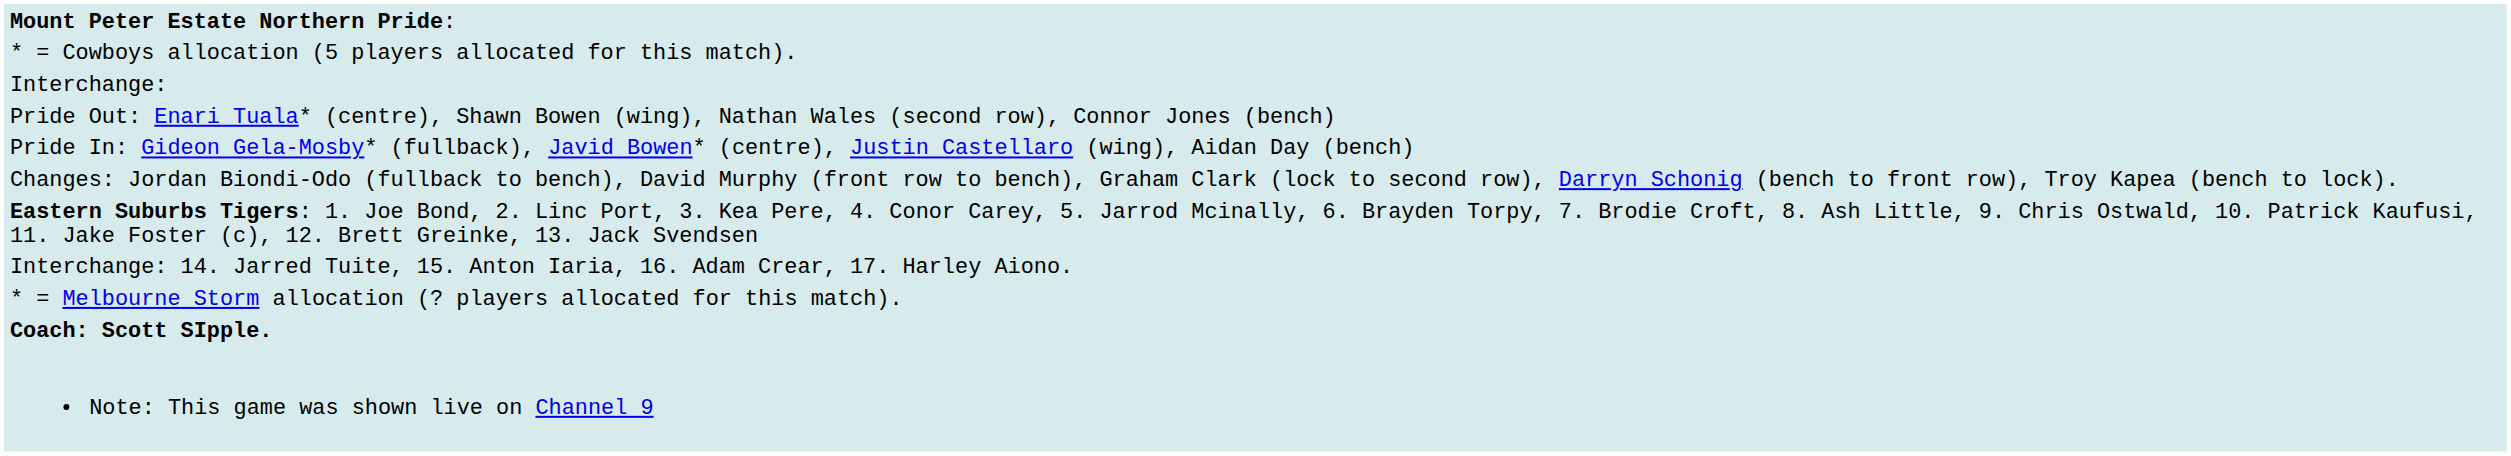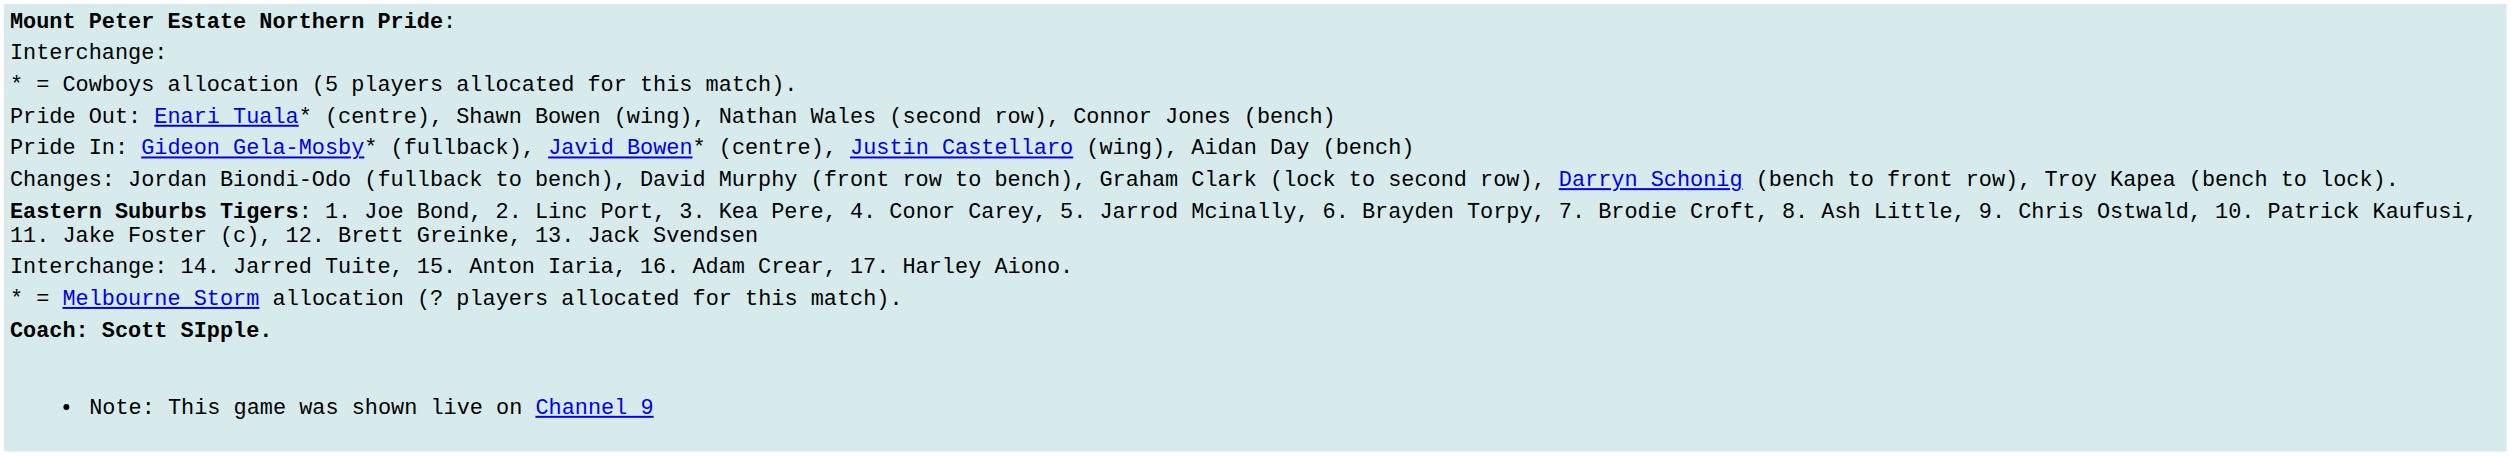 <table style="background:#d7ebed; font-size:85%; width:100%;">
 <tr>
 <td><strong>Mount Peter Estate Northern Pride</strong>:             </td>
 </tr>
 <tr>
-<td>* = Cowboys allocation (5 players allocated for this match).</td>
+<td>Interchange:    </td>
 </tr>
 <tr>
-<td>Interchange:    </td>
+<td>* = Cowboys allocation (5 players allocated for this match).</td>
 </tr>
 <tr>
 <td>Pride Out: <a href='#'>Enari Tuala</a>* (centre), Shawn Bowen (wing), Nathan Wales (second row), Connor Jones (bench)</td>
 </tr>
 <tr>
 <td>Pride In: <a href='#'>Gideon Gela-Mosby</a>* (fullback), <a href='#'>Javid Bowen</a>* (centre), <a href='#'>Justin Castellaro</a> (wing), Aidan Day (bench)</td>
 </tr>
 <tr>
 <td>Changes: Jordan Biondi-Odo (fullback to bench), David Murphy (front row to bench), Graham Clark (lock to second row), <a href='#'>Darryn Schonig</a> (bench to front row), Troy Kapea (bench to lock).</td>
 </tr>
 <tr>
 <td><strong>Eastern Suburbs Tigers</strong>: 1. Joe Bond, 2. Linc Port, 3. Kea Pere, 4. Conor Carey, 5. Jarrod Mcinally, 6. Brayden Torpy, 7. Brodie Croft, 8. Ash Little, 9. Chris Ostwald, 10. Patrick Kaufusi, 11. Jake Foster (c), 12. Brett Greinke, 13. Jack Svendsen</td>
 </tr>
 <tr>
 <td>Interchange: 14. Jarred Tuite, 15. Anton Iaria, 16. Adam Crear, 17. Harley Aiono.</td>
 </tr>
 <tr>
 <td>* = <a href='#'>Melbourne Storm</a> allocation (? players allocated for this match).</td>
 </tr>
 <tr>
 <td><strong>Coach: Scott SIpple.</strong></td>
 </tr>
 <tr>
 <td><br><ul><li>Note: This game was shown live on <a href='#'>Channel 9</a></li></ul></td>
 </tr>
 <tr>
 </tr>
 </table>
